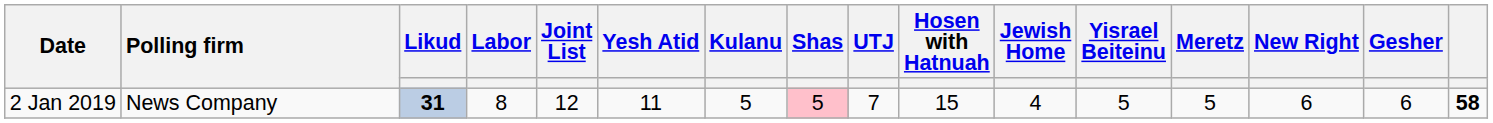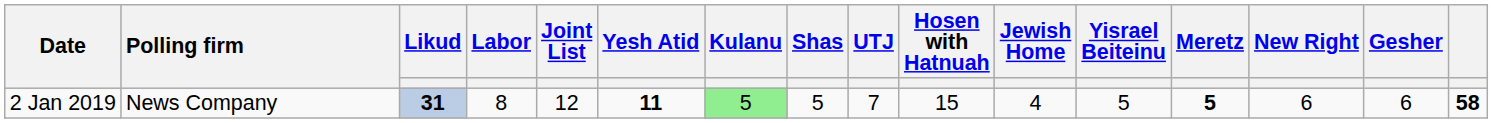 <table class="wikitable" style="text-align:center; font-size:90%; line-height:14px;">
 <tr>
 <th rowspan="2">Date</th>
 <th style="width:180px;text-align:left;" rowspan="2">Polling firm</th>
 <th><a href='#'>Likud</a></th>
 <th><a href='#'>Labor</a></th>
 <th><a href='#'>Joint<br>List</a></th>
 <th><a href='#'>Yesh Atid</a></th>
 <th><a href='#'>Kulanu</a></th>
 <th><a href='#'>Shas</a></th>
 <th><a href='#'>UTJ</a></th>
 <th><a href='#'>Hosen</a><br>with<br><a href='#'>Hatnuah</a></th>
 <th><a href='#'>Jewish<br>Home</a></th>
 <th><a href='#'>Yisrael<br>Beiteinu</a></th>
 <th><a href='#'>Meretz</a></th>
 <th><a href='#'>New Right</a></th>
 <th><a href='#'>Gesher</a></th>
 <th style="width:20px;"></th>
 </tr>
 <tr>
 <th style="color:inherit;background:"></th>
 <th style="color:inherit;background:"></th>
 <th style="color:inherit;background:"></th>
 <th style="color:inherit;background:"></th>
 <th style="color:inherit;background:"></th>
 <th style="color:inherit;background:"></th>
 <th style="color:inherit;background:"></th>
 <th style="color:inherit;background:"></th>
 <th style="color:inherit;background:"></th>
 <th style="color:inherit;background:"></th>
 <th style="color:inherit;background:"></th>
 <th style="color:inherit;background:"></th>
 <th style="color:inherit;background:"></th>
 <th style="color:inherit;background:"></th>
 </tr>
 <tr>
 <td>2 Jan 2019</td>
 <td style="text-align:left;">News Company</td>
 <td style="background:#BBCDE4"><strong>31</strong>  </td>
 <td>8					</td>
 <td>12					</td>
-<td>11					</td>
+<td><strong>11					</strong></td>
+<td style="background: lightgreen;">5					</td>
 <td>5					</td>
-<td style="background: pink;">5					</td>
 <td>7					</td>
 <td>15					</td>
 <td>4					</td>
 <td>5					</td>
-<td>5					</td>
+<td><strong>5					</strong></td>
 <td>6					</td>
 <td>6					</td>
 <td><strong>58</strong>				</td>
 </tr>
 </table>
